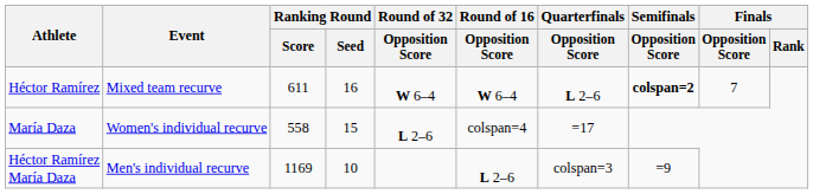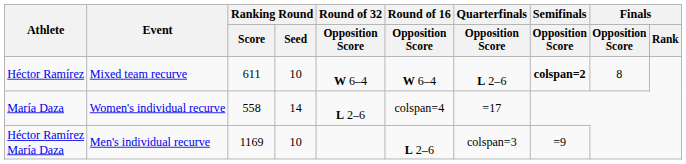 <table class="wikitable" style="text-align: center; font-size:90%">
 <tr>
 <th rowspan="2">Athlete</th>
 <th rowspan="2">Event</th>
 <th colspan="2">Ranking Round</th>
 <th>Round of 32</th>
 <th>Round of 16</th>
 <th>Quarterfinals</th>
 <th>Semifinals</th>
 <th colspan="2">Finals</th>
 </tr>
 <tr style="font-size:95%">
 <th>Score</th>
 <th>Seed</th>
 <th>Opposition<br>Score</th>
 <th>Opposition<br>Score</th>
 <th>Opposition<br>Score</th>
 <th>Opposition<br>Score</th>
 <th>Opposition<br>Score</th>
 <th>Rank</th>
 </tr>
 <tr>
 <td style="text-align:left"><a href='#'>Héctor Ramírez</a></td>
 <td style="text-align:left"><a href='#'>Mixed team recurve</a></td>
 <td>611</td>
-<td>16</td>
+<td>10</td>
 <td><br><strong>W</strong> 6–4</td>
 <td><br><strong>W</strong> 6–4</td>
 <td><br><strong>L</strong> 2–6</td>
 <td><strong>colspan=2 </strong></td>
-<td>7</td>
+<td>8</td>
 </tr>
 <tr>
 <td style="text-align:left"><a href='#'>María Daza</a></td>
 <td style="text-align:left"><a href='#'>Women's individual recurve</a></td>
 <td>558</td>
-<td>15</td>
+<td>14</td>
 <td><br><strong>L</strong> 2–6</td>
 <td>colspan=4 </td>
 <td>=17</td>
 </tr>
 <tr>
 <td style="text-align:left"><a href='#'>Héctor Ramírez</a><br><a href='#'>María Daza</a></td>
 <td style="text-align:left"><a href='#'>Men's individual recurve</a></td>
 <td>1169</td>
 <td>10</td>
 <td></td>
 <td><br><strong>L</strong> 2–6</td>
 <td>colspan=3 </td>
 <td>=9</td>
 </tr>
 </table>
